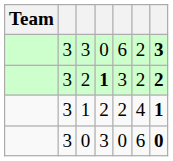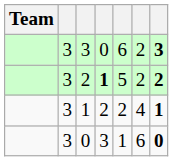 <table class=wikitable style="text-align:center">
 <tr>
 <th>Team</th>
 <th></th>
 <th></th>
 <th></th>
 <th></th>
 <th></th>
 <th></th>
 </tr>
 <tr bgcolor=ccffcc>
 <td style="text-align:left"></td>
 <td>3</td>
 <td>3</td>
 <td>0</td>
 <td>6</td>
 <td>2</td>
 <td><strong>3</strong></td>
 </tr>
 <tr bgcolor=ccffcc>
 <td style="text-align:left"></td>
 <td>3</td>
 <td>2</td>
 <td><strong>1</strong></td>
-<td>3</td>
+<td>5</td>
 <td>2</td>
 <td><strong>2</strong></td>
 </tr>
 <tr>
 <td style="text-align:left"></td>
 <td>3</td>
 <td>1</td>
 <td>2</td>
 <td>2</td>
 <td>4</td>
 <td><strong>1</strong></td>
 </tr>
 <tr>
 <td style="text-align:left"></td>
 <td>3</td>
 <td>0</td>
 <td>3</td>
-<td>0</td>
+<td>1</td>
 <td>6</td>
 <td><strong>0</strong></td>
 </tr>
 </table>
